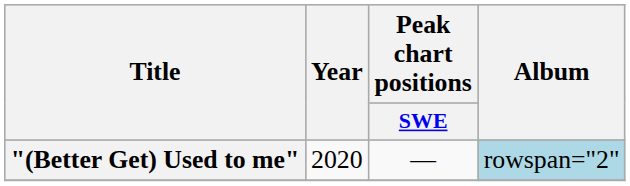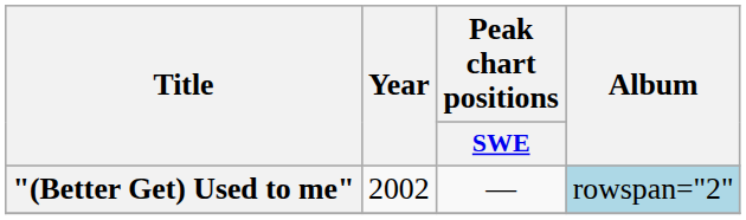 <table class="wikitable plainrowheaders" style="text-align:center;">
 <tr>
 <th scope="col" rowspan="2">Title</th>
 <th scope="col" rowspan="2">Year</th>
 <th scope="col" colspan="1">Peak chart positions</th>
 <th scope="col" rowspan="2">Album</th>
 </tr>
 <tr>
 <th scope="col" style="width:3em;font-size:85%;"><a href='#'>SWE</a></th>
 </tr>
 <tr>
 <th scope="row">"(Better Get) Used to me"</th>
-<td>2020</td>
+<td>2002</td>
 <td>—</td>
 <td style="background: lightblue;">rowspan="2" </td>
 </tr>
 <tr>
 </tr>
 </table>
